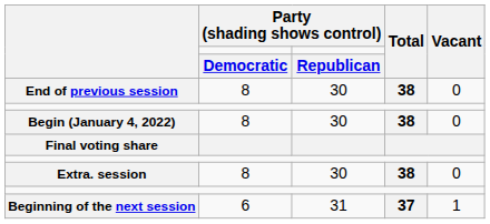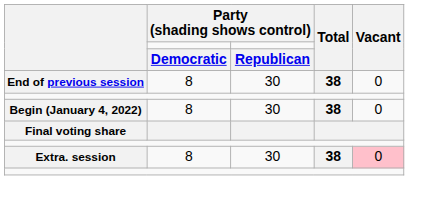 <table class="wikitable" style="text-align:center">
 <tr>
 <th rowspan="3" scope="col"> </th>
 <th colspan="2" scope="col">Party<div>(shading shows control)</div></th>
 <th rowspan="3" scope="col">Total</th>
 <th rowspan="3" scope="col">Vacant</th>
 </tr>
 <tr style="height:5px">
 <td style="background-color:"></td>
 <td style="background-color:"></td>
 </tr>
 <tr>
 <th scope="col"><a href='#'>Democratic</a></th>
 <th scope="col"><a href='#'>Republican</a></th>
 </tr>
 <tr>
 <th scope="row" style="font-size:85%">End of <a href='#'>previous session</a></th>
 <td>8</td>
 <td>30</td>
 <th>38</th>
 <td>0</td>
 </tr>
 <tr>
 <td colspan="5"></td>
 </tr>
 <tr>
 <th scope="row" style="font-size:85%">Begin (January 4, 2022)</th>
 <td>8</td>
 <td>30</td>
 <th>38</th>
 <td>0</td>
 </tr>
 <tr>
 <th scope="row" style="font-size:85%">Final voting share</th>
 <th></th>
 <th></th>
 <th colspan="2"></th>
 </tr>
 <tr>
 <td colspan="5"></td>
 </tr>
 <tr>
 <th scope="row" style="font-size:85%">Extra. session</th>
 <td>8</td>
 <td>30</td>
 <th>38</th>
-<td>0</td>
+<td style="background: pink;">0</td>
 </tr>
 <tr>
 <td colspan="5"></td>
 </tr>
-<tr>
-<th scope="row" style="font-size:85%">Beginning of the <a href='#'>next session</a></th>
-<td>6</td>
-<td>31</td>
-<th>37</th>
-<td>1</td>
-</tr>
 </table>
